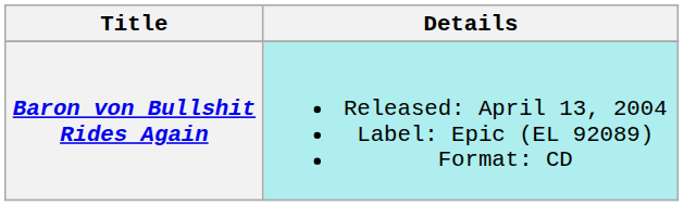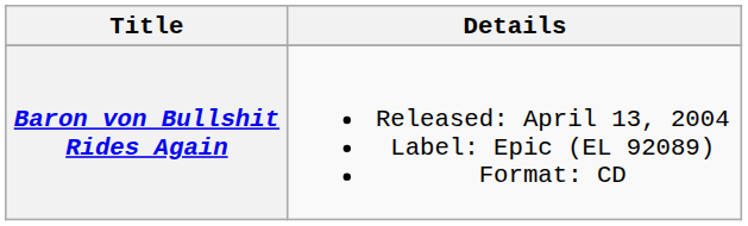 <table class="wikitable plainrowheaders" style="text-align:center">
 <tr>
 <th scope="col" style="width:11em;">Title</th>
 <th scope="col" style="width:18em;">Details</th>
 </tr>
 <tr>
 </tr>
 <tr>
 <th scope="row"><em><a href='#'>Baron von Bullshit Rides Again</a></em></th>
-<td style="background: paleturquoise;"><br><ul><li>Released: April 13, 2004</li><li>Label: Epic (EL 92089)</li><li>Format: CD</li></ul></td>
+<td><br><ul><li>Released: April 13, 2004</li><li>Label: Epic (EL 92089)</li><li>Format: CD</li></ul></td>
 </tr>
 </table>
